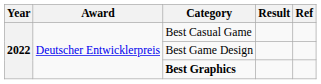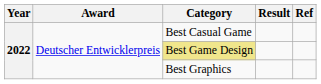 <table class="wikitable sortable"'>
 <tr>
 <th>Year</th>
 <th>Award</th>
 <th>Category</th>
 <th>Result</th>
 <th>Ref</th>
 </tr>
 <tr>
 <th scope="row" rowspan="3">2022</th>
 <td rowspan="3"><a href='#'>Deutscher Entwicklerpreis</a></td>
 <td>Best Casual Game</td>
 <td></td>
 <td style="text-align:center"></td>
 </tr>
 <tr>
-<td>Best Game Design</td>
+<td style="background: khaki;">Best Game Design</td>
 <td></td>
 <td style="text-align:center"></td>
 </tr>
 <tr>
-<td><strong>Best Graphics</strong></td>
+<td>Best Graphics</td>
 <td></td>
 <td style="text-align:center"></td>
 </tr>
 </table>
